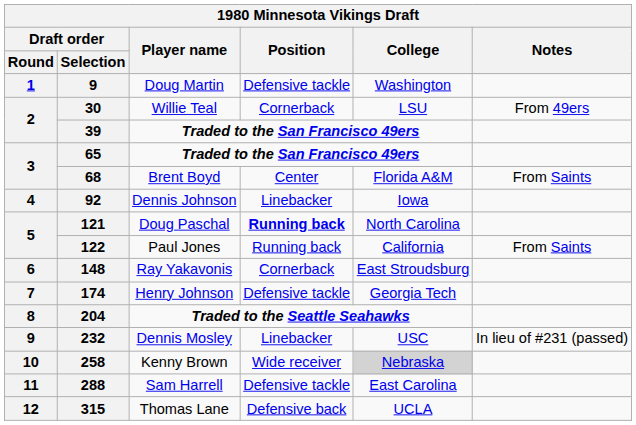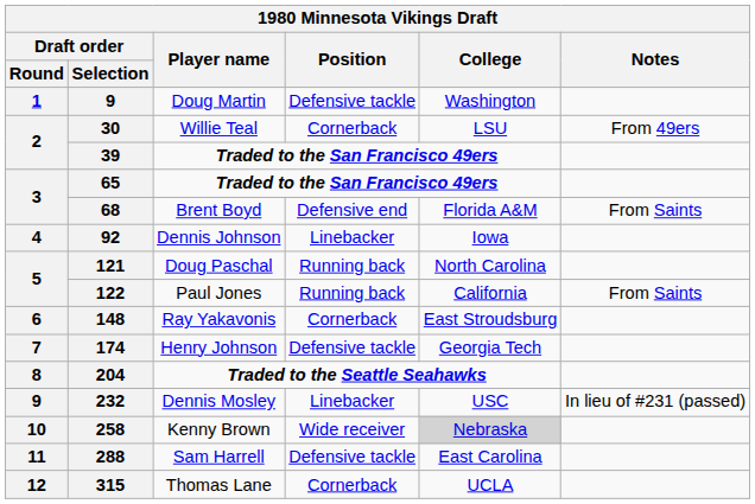 <table class="wikitable" style="text-align:center">
 <tr>
 <th colspan="6">1980 Minnesota Vikings Draft</th>
 </tr>
 <tr>
 <th colspan="2">Draft order</th>
 <th rowspan="2">Player name</th>
 <th rowspan="2">Position</th>
 <th rowspan="2">College</th>
 <th rowspan="2">Notes</th>
 </tr>
 <tr>
 <th>Round</th>
 <th>Selection</th>
 </tr>
 <tr>
 <th><a href='#'>1</a></th>
 <th>9</th>
 <td><a href='#'>Doug Martin</a></td>
 <td><a href='#'>Defensive tackle</a></td>
 <td><a href='#'>Washington</a></td>
 <td></td>
 </tr>
 <tr>
 <th rowspan="2">2</th>
 <th>30</th>
 <td><a href='#'>Willie Teal</a></td>
 <td><a href='#'>Cornerback</a></td>
 <td><a href='#'>LSU</a></td>
 <td>From <a href='#'>49ers</a></td>
 </tr>
 <tr>
 <th>39</th>
 <td colspan="3"><strong><em>Traded to the <a href='#'>San Francisco 49ers</a></em></strong></td>
 <td></td>
 </tr>
 <tr>
 <th rowspan="2">3</th>
 <th>65</th>
 <td colspan="3"><strong><em>Traded to the <a href='#'>San Francisco 49ers</a></em></strong></td>
 <td></td>
 </tr>
 <tr>
 <th>68</th>
 <td><a href='#'>Brent Boyd</a></td>
-<td><a href='#'>Center</a></td>
+<td><a href='#'>Defensive end</a></td>
 <td><a href='#'>Florida A&M</a></td>
 <td>From <a href='#'>Saints</a></td>
 </tr>
 <tr>
 <th>4</th>
 <th>92</th>
 <td><a href='#'>Dennis Johnson</a></td>
 <td><a href='#'>Linebacker</a></td>
 <td><a href='#'>Iowa</a></td>
 <td></td>
 </tr>
 <tr>
 <th rowspan="2">5</th>
 <th>121</th>
 <td><a href='#'>Doug Paschal</a></td>
-<td><strong><a href='#'>Running back</a></strong></td>
+<td><a href='#'>Running back</a></td>
 <td><a href='#'>North Carolina</a></td>
 <td></td>
 </tr>
 <tr>
 <th>122</th>
 <td>Paul Jones</td>
 <td><a href='#'>Running back</a></td>
 <td><a href='#'>California</a></td>
 <td>From <a href='#'>Saints</a></td>
 </tr>
 <tr>
 <th>6</th>
 <th>148</th>
 <td><a href='#'>Ray Yakavonis</a></td>
 <td><a href='#'>Cornerback</a></td>
 <td><a href='#'>East Stroudsburg</a></td>
 <td></td>
 </tr>
 <tr>
 <th>7</th>
 <th>174</th>
 <td><a href='#'>Henry Johnson</a></td>
 <td><a href='#'>Defensive tackle</a></td>
 <td><a href='#'>Georgia Tech</a></td>
 <td></td>
 </tr>
 <tr>
 <th>8</th>
 <th>204</th>
 <td colspan="3"><strong><em>Traded to the <a href='#'>Seattle Seahawks</a></em></strong></td>
 <td></td>
 </tr>
 <tr>
 <th>9</th>
 <th>232</th>
 <td><a href='#'>Dennis Mosley</a></td>
 <td><a href='#'>Linebacker</a></td>
 <td><a href='#'>USC</a></td>
 <td>In lieu of #231 (passed)</td>
 </tr>
 <tr>
 <th>10</th>
 <th>258</th>
 <td>Kenny Brown</td>
 <td><a href='#'>Wide receiver</a></td>
 <td style="background: lightgrey;"><a href='#'>Nebraska</a></td>
 <td></td>
 </tr>
 <tr>
 <th>11</th>
 <th>288</th>
 <td><a href='#'>Sam Harrell</a></td>
 <td><a href='#'>Defensive tackle</a></td>
 <td><a href='#'>East Carolina</a></td>
 <td></td>
 </tr>
 <tr>
 <th>12</th>
 <th>315</th>
 <td>Thomas Lane</td>
-<td><a href='#'>Defensive back</a></td>
+<td><a href='#'>Cornerback</a></td>
 <td><a href='#'>UCLA</a></td>
 <td></td>
 </tr>
 </table>
